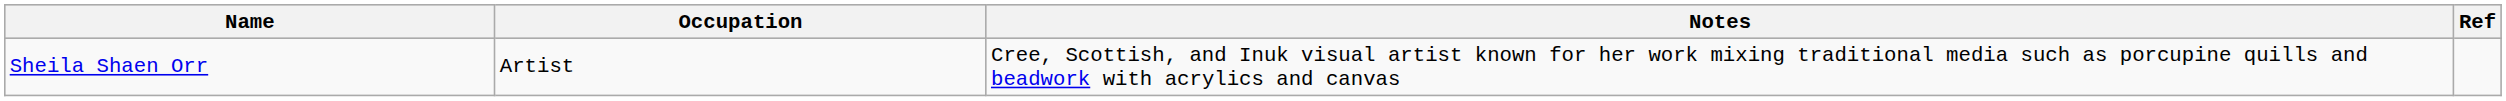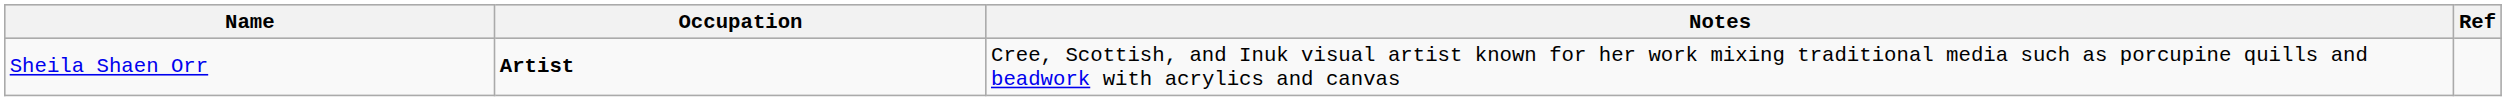 <table class="wikitable sortable">
 <tr align=left>
 <th style="width:20%;">Name</th>
 <th style="width:20%;">Occupation</th>
 <th style="width:60%;">Notes</th>
 <th style="width:20%;">Ref</th>
 </tr>
 <tr>
 <td><a href='#'>Sheila Shaen Orr</a></td>
-<td>Artist</td>
+<td><strong>Artist</strong></td>
 <td>Cree, Scottish, and Inuk visual artist known for her work mixing traditional media such as porcupine quills and <a href='#'>beadwork</a> with acrylics and canvas</td>
 </tr>
 </table>
